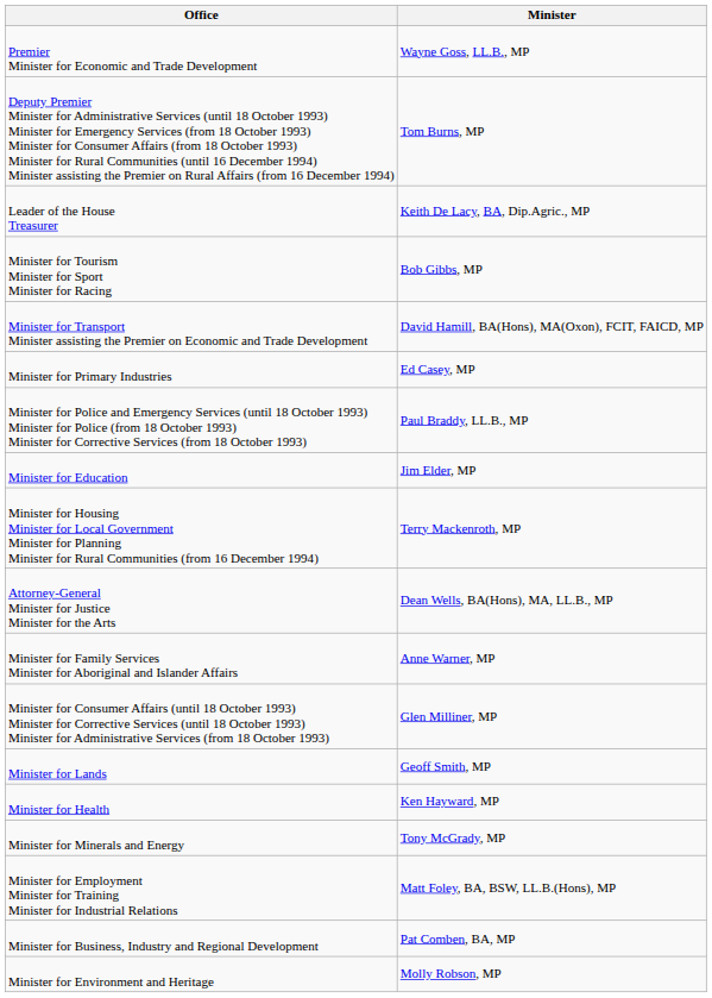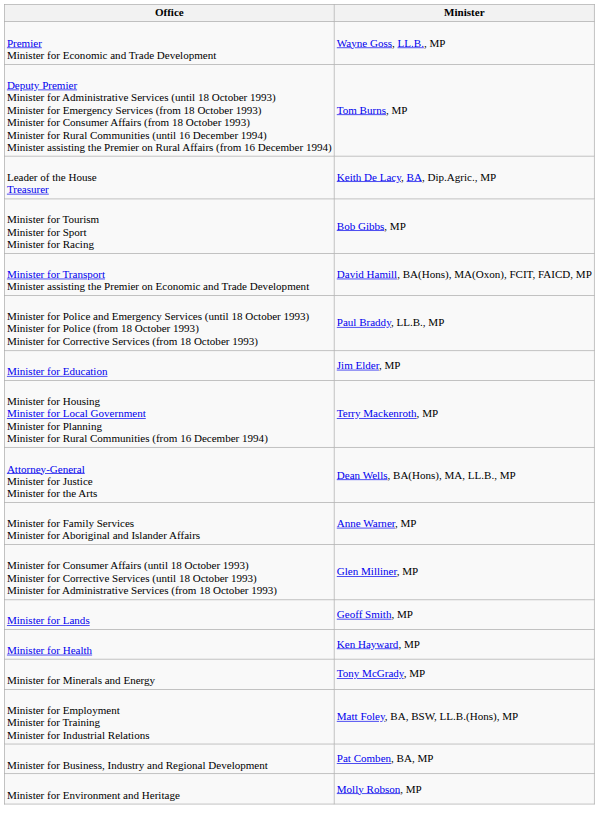 <table class="wikitable">
 <tr>
 <th>Office</th>
 <th>Minister</th>
 </tr>
 <tr>
 <td><br><a href='#'>Premier</a><br> Minister for Economic and Trade Development<br></td>
 <td><a href='#'>Wayne Goss</a>, <a href='#'>LL.B.</a>, MP</td>
 </tr>
 <tr>
 <td><br><a href='#'>Deputy Premier</a><br>Minister for Administrative Services (until 18 October 1993)<br> Minister for Emergency Services (from 18 October 1993)<br> Minister for Consumer Affairs (from 18 October 1993)<br>Minister for Rural Communities (until 16 December 1994)<br> Minister assisting the Premier on Rural Affairs (from 16 December 1994)<br></td>
 <td><a href='#'>Tom Burns</a>, MP</td>
 </tr>
 <tr>
 <td><br>Leader of the House<br> <a href='#'>Treasurer</a><br></td>
 <td><a href='#'>Keith De Lacy</a>, <a href='#'>BA</a>, Dip.Agric., MP</td>
 </tr>
 <tr>
 <td><br>Minister for Tourism<br> Minister for Sport<br> Minister for Racing<br></td>
 <td><a href='#'>Bob Gibbs</a>, MP</td>
 </tr>
 <tr>
 <td><br><a href='#'>Minister for Transport</a><br> Minister assisting the Premier on Economic and Trade Development</td>
 <td><a href='#'>David Hamill</a>, BA(Hons), MA(Oxon), FCIT, FAICD, MP</td>
-</tr>
-<tr>
-<td><br>Minister for Primary Industries<br></td>
-<td><a href='#'>Ed Casey</a>, MP</td>
 </tr>
 <tr>
 <td><br>Minister for Police and Emergency Services (until 18 October 1993)<br> Minister for Police (from 18 October 1993)<br> Minister for Corrective Services (from 18 October 1993)<br></td>
 <td><a href='#'>Paul Braddy</a>, LL.B., MP</td>
 </tr>
 <tr>
 <td><br><a href='#'>Minister for Education</a><br></td>
 <td><a href='#'>Jim Elder</a>, MP</td>
 </tr>
 <tr>
 <td><br>Minister for Housing<br> <a href='#'>Minister for Local Government</a><br> Minister for Planning<br> Minister for Rural Communities (from 16 December 1994)<br></td>
 <td><a href='#'>Terry Mackenroth</a>, MP</td>
 </tr>
 <tr>
 <td><br><a href='#'>Attorney-General</a><br> Minister for Justice<br> Minister for the Arts<br></td>
 <td><a href='#'>Dean Wells</a>, BA(Hons), MA, LL.B., MP</td>
 </tr>
 <tr>
 <td><br>Minister for Family Services<br> Minister for Aboriginal and Islander Affairs</td>
 <td><a href='#'>Anne Warner</a>, MP</td>
 </tr>
 <tr>
 <td><br>Minister for Consumer Affairs (until 18 October 1993)<br> Minister for Corrective Services (until 18 October 1993)<br> Minister for Administrative Services (from 18 October 1993)<br></td>
 <td><a href='#'>Glen Milliner</a>, MP</td>
 </tr>
 <tr>
 <td><br><a href='#'>Minister for Lands</a> <br></td>
 <td><a href='#'>Geoff Smith</a>, MP</td>
 </tr>
 <tr>
 <td><br><a href='#'>Minister for Health</a><br></td>
 <td><a href='#'>Ken Hayward</a>, MP</td>
 </tr>
 <tr>
 <td><br>Minister for Minerals and Energy<br></td>
 <td><a href='#'>Tony McGrady</a>, MP</td>
 </tr>
 <tr>
 <td><br>Minister for Employment<br> Minister for Training<br> Minister for Industrial Relations<br></td>
 <td><a href='#'>Matt Foley</a>, BA, BSW, LL.B.(Hons), MP</td>
 </tr>
 <tr>
 <td><br>Minister for Business, Industry and Regional Development<br></td>
 <td><a href='#'>Pat Comben</a>, BA, MP</td>
 </tr>
 <tr>
 <td><br>Minister for Environment and Heritage<br></td>
 <td><a href='#'>Molly Robson</a>, MP</td>
 </tr>
 </table>
